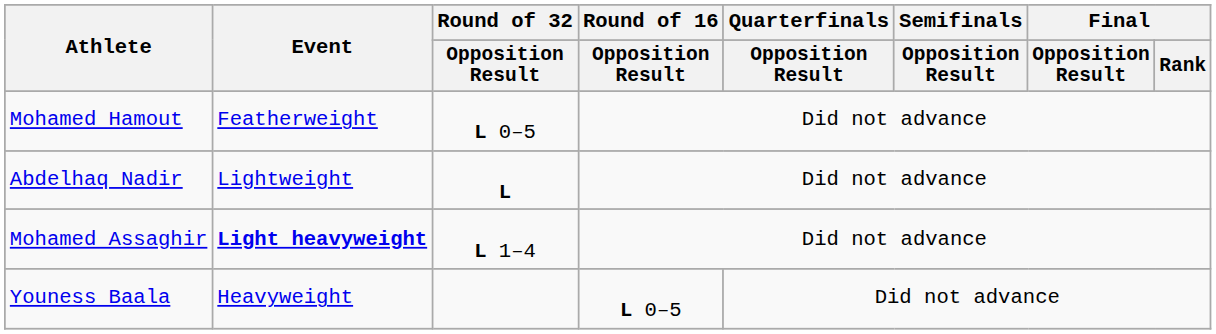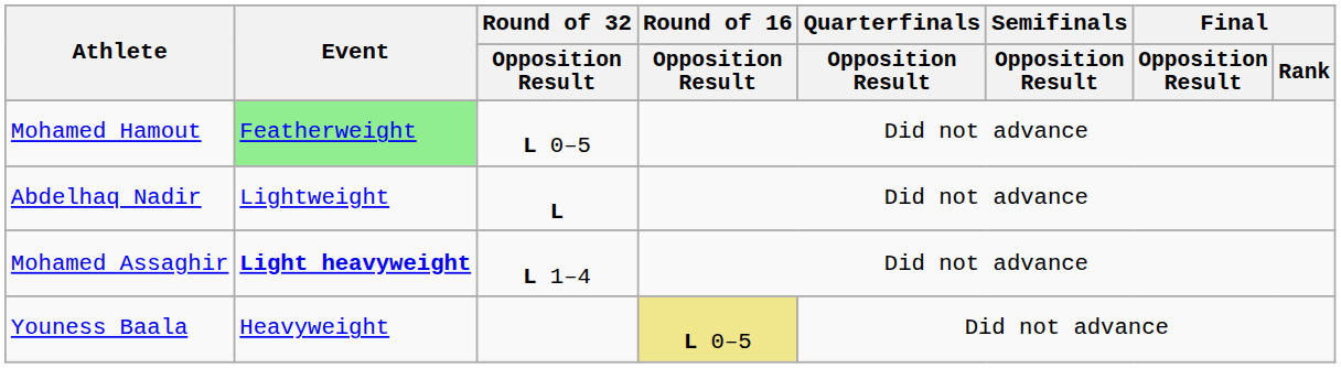 <table class="wikitable" style="font-size:90%">
 <tr>
 <th rowspan="2">Athlete</th>
 <th rowspan="2">Event</th>
 <th>Round of 32</th>
 <th>Round of 16</th>
 <th>Quarterfinals</th>
 <th>Semifinals</th>
 <th colspan=2>Final</th>
 </tr>
 <tr style="font-size:95%">
 <th>Opposition<br>Result</th>
 <th>Opposition<br>Result</th>
 <th>Opposition<br>Result</th>
 <th>Opposition<br>Result</th>
 <th>Opposition<br>Result</th>
 <th>Rank</th>
 </tr>
 <tr align=center>
 <td align=left><a href='#'>Mohamed Hamout</a></td>
-<td align=left><a href='#'>Featherweight</a></td>
+<td align=left style="background: lightgreen;"><a href='#'>Featherweight</a></td>
 <td><br> <strong>L</strong> 0–5</td>
 <td colspan="5">Did not advance</td>
 </tr>
 <tr align=center>
 <td align=left><a href='#'>Abdelhaq Nadir</a></td>
 <td align=left><a href='#'>Lightweight</a></td>
 <td><br><strong>L</strong> </td>
 <td colspan="5">Did not advance</td>
 </tr>
 <tr align=center>
 <td align=left><a href='#'>Mohamed Assaghir</a></td>
 <td align=left><strong><a href='#'>Light heavyweight</a></strong></td>
 <td><br><strong>L</strong> 1–4</td>
 <td colspan="5">Did not advance</td>
 </tr>
 <tr align=center>
 <td align=left><a href='#'>Youness Baala</a></td>
 <td align=left><a href='#'>Heavyweight</a></td>
 <td></td>
-<td><br><strong>L</strong> 0–5</td>
+<td style="background: khaki;"><br><strong>L</strong> 0–5</td>
 <td colspan="4">Did not advance</td>
 </tr>
 </table>
